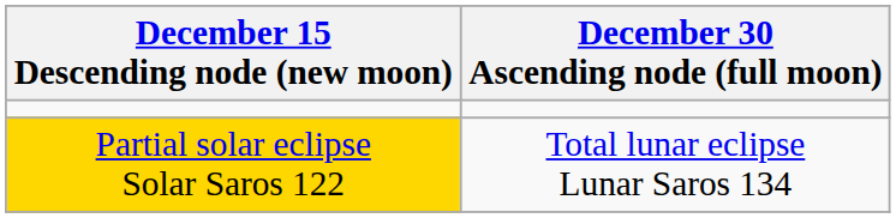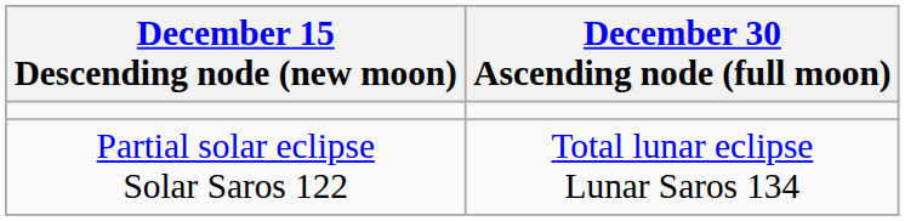 <table class="wikitable">
 <tr>
 <th><a href='#'>December 15</a><br>Descending node (new moon)<br></th>
 <th><a href='#'>December 30</a><br>Ascending node (full moon)<br></th>
 </tr>
 <tr>
 <td></td>
 <td></td>
 </tr>
 <tr align=center>
-<td style="background: gold;"><a href='#'>Partial solar eclipse</a><br>Solar Saros 122</td>
+<td><a href='#'>Partial solar eclipse</a><br>Solar Saros 122</td>
 <td><a href='#'>Total lunar eclipse</a><br>Lunar Saros 134</td>
 </tr>
 </table>
